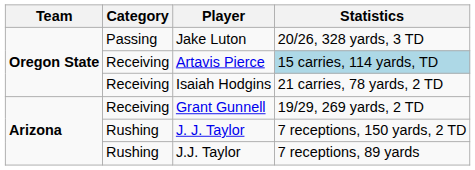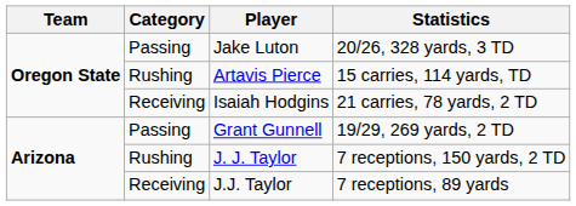 <table class="wikitable" style="float: right;">
 <tr>
 <th>Team</th>
 <th>Category</th>
 <th>Player</th>
 <th>Statistics</th>
 </tr>
 <tr>
 <td rowspan=3><strong>Oregon State</strong></td>
 <td>Passing</td>
 <td>Jake Luton</td>
 <td>20/26, 328 yards, 3 TD</td>
 </tr>
 <tr>
-<td>Receiving</td>
+<td>Rushing</td>
 <td><a href='#'>Artavis Pierce</a></td>
-<td style="background: lightblue;">15 carries, 114 yards, TD</td>
+<td>15 carries, 114 yards, TD</td>
 </tr>
 <tr>
 <td>Receiving</td>
 <td>Isaiah Hodgins</td>
 <td>21 carries, 78 yards, 2 TD</td>
 </tr>
 <tr>
 <td rowspan=3><strong>Arizona</strong></td>
-<td>Receiving</td>
+<td>Passing</td>
 <td><a href='#'>Grant Gunnell</a></td>
 <td>19/29, 269 yards, 2 TD</td>
 </tr>
 <tr>
 <td>Rushing</td>
 <td><a href='#'>J. J. Taylor</a></td>
 <td>7 receptions, 150 yards, 2 TD</td>
 </tr>
 <tr>
-<td>Rushing</td>
+<td>Receiving</td>
 <td>J.J. Taylor</td>
 <td>7 receptions, 89 yards</td>
 </tr>
 </table>
